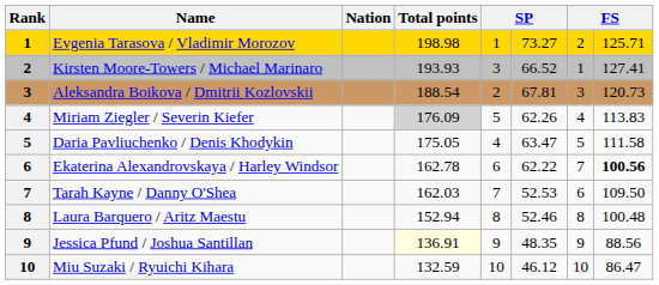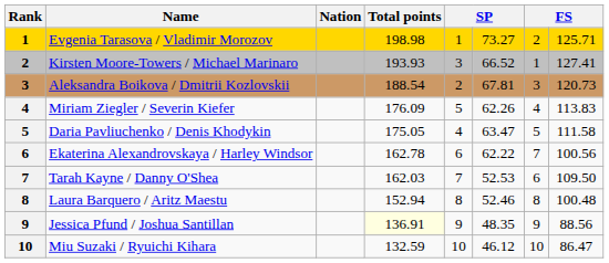 <table class="wikitable sortable">
 <tr>
 <th>Rank</th>
 <th>Name</th>
 <th>Nation</th>
 <th>Total points</th>
 <th colspan="2" width="80px"><a href='#'>SP</a></th>
 <th colspan="2" width="80px"><a href='#'>FS</a></th>
 </tr>
 <tr bgcolor="gold">
 <td align="center"><strong>1</strong></td>
 <td><a href='#'>Evgenia Tarasova</a> / <a href='#'>Vladimir Morozov</a></td>
 <td></td>
 <td align="center">198.98</td>
 <td align="center">1</td>
 <td align="center">73.27</td>
 <td align="center">2</td>
 <td align="center">125.71</td>
 </tr>
 <tr bgcolor="silver">
 <td align="center"><strong>2</strong></td>
 <td><a href='#'>Kirsten Moore-Towers</a> / <a href='#'>Michael Marinaro</a></td>
 <td></td>
 <td align="center">193.93</td>
 <td align="center">3</td>
 <td align="center">66.52</td>
 <td align="center">1</td>
 <td align="center">127.41</td>
 </tr>
 <tr bgcolor="cc9966">
 <td align="center"><strong>3</strong></td>
 <td><a href='#'>Aleksandra Boikova</a> / <a href='#'>Dmitrii Kozlovskii</a></td>
 <td></td>
 <td align="center">188.54</td>
 <td align="center">2</td>
 <td align="center">67.81</td>
 <td align="center">3</td>
 <td align="center">120.73</td>
 </tr>
 <tr>
 <th>4</th>
 <td><a href='#'>Miriam Ziegler</a> / <a href='#'>Severin Kiefer</a></td>
 <td></td>
-<td align="center" style="background: lightgrey;">176.09</td>
+<td align="center">176.09</td>
 <td align="center">5</td>
 <td align="center">62.26</td>
 <td align="center">4</td>
 <td align="center">113.83</td>
 </tr>
 <tr>
 <th>5</th>
 <td><a href='#'>Daria Pavliuchenko</a> / <a href='#'>Denis Khodykin</a></td>
 <td></td>
 <td align="center">175.05</td>
 <td align="center">4</td>
 <td align="center">63.47</td>
 <td align="center">5</td>
 <td align="center">111.58</td>
 </tr>
 <tr>
 <th>6</th>
 <td><a href='#'>Ekaterina Alexandrovskaya</a> / <a href='#'>Harley Windsor</a></td>
 <td></td>
 <td align="center">162.78</td>
 <td align="center">6</td>
 <td align="center">62.22</td>
 <td align="center">7</td>
-<td align="center"><strong>100.56</strong></td>
+<td align="center">100.56</td>
 </tr>
 <tr>
 <th>7</th>
 <td><a href='#'>Tarah Kayne</a> / <a href='#'>Danny O'Shea</a></td>
 <td></td>
 <td align="center">162.03</td>
 <td align="center">7</td>
 <td align="center">52.53</td>
 <td align="center">6</td>
 <td align="center">109.50</td>
 </tr>
 <tr>
 <th>8</th>
 <td><a href='#'>Laura Barquero</a> / <a href='#'>Aritz Maestu</a></td>
 <td></td>
 <td align="center">152.94</td>
 <td align="center">8</td>
 <td align="center">52.46</td>
 <td align="center">8</td>
 <td align="center">100.48</td>
 </tr>
 <tr>
 <th>9</th>
 <td><a href='#'>Jessica Pfund</a> / <a href='#'>Joshua Santillan</a></td>
 <td></td>
 <td align="center" style="background: lightyellow;">136.91</td>
 <td align="center">9</td>
 <td align="center">48.35</td>
 <td align="center">9</td>
 <td align="center">88.56</td>
 </tr>
 <tr>
 <th>10</th>
 <td><a href='#'>Miu Suzaki</a> / <a href='#'>Ryuichi Kihara</a></td>
 <td></td>
 <td align="center">132.59</td>
 <td align="center">10</td>
 <td align="center">46.12</td>
 <td align="center">10</td>
 <td align="center">86.47</td>
 </tr>
 </table>
